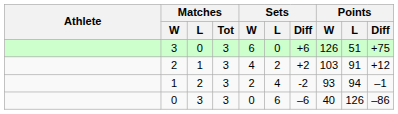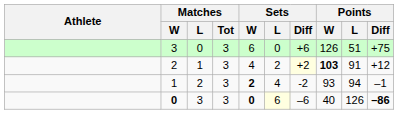 <table class=wikitable style="text-align:center">
 <tr>
 <th rowspan=2 width=220>Athlete</th>
 <th colspan=3 width=90>Matches</th>
 <th colspan=3 width=90>Sets</th>
 <th colspan=3 width=90>Points</th>
 </tr>
 <tr>
 <th width=30>W</th>
 <th width=30>L</th>
 <th width=30>Tot</th>
 <th width=30>W</th>
 <th width=30>L</th>
 <th width=30>Diff</th>
 <th width=30>W</th>
 <th width=30>L</th>
 <th width=30>Diff</th>
 </tr>
 <tr bgcolor=ccffcc>
 <td style="text-align:left"></td>
 <td>3</td>
 <td>0</td>
 <td>3</td>
 <td>6</td>
 <td>0</td>
 <td>+6</td>
 <td>126</td>
 <td>51</td>
 <td>+75</td>
 </tr>
 <tr>
 <td style="text-align:left"></td>
 <td>2</td>
 <td>1</td>
 <td>3</td>
 <td>4</td>
 <td>2</td>
-<td>+2</td>
-<td>103</td>
+<td style="background: lightyellow;">+2</td>
+<td><strong>103</strong></td>
 <td>91</td>
 <td>+12</td>
 </tr>
 <tr>
 <td style="text-align:left"></td>
 <td>1</td>
 <td>2</td>
 <td>3</td>
-<td>2</td>
+<td><strong>2</strong></td>
 <td>4</td>
 <td>-2</td>
 <td>93</td>
 <td>94</td>
 <td>–1</td>
 </tr>
 <tr>
 <td style="text-align:left"></td>
-<td>0</td>
+<td><strong>0</strong></td>
 <td>3</td>
 <td>3</td>
-<td>0</td>
-<td>6</td>
+<td><strong>0</strong></td>
+<td style="background: lightyellow;">6</td>
 <td>–6</td>
 <td>40</td>
 <td>126</td>
-<td>–86</td>
+<td><strong>–86</strong></td>
 </tr>
 </table>
